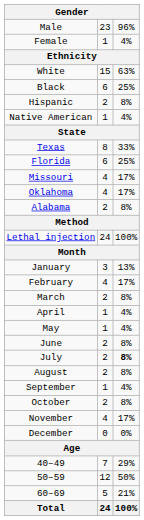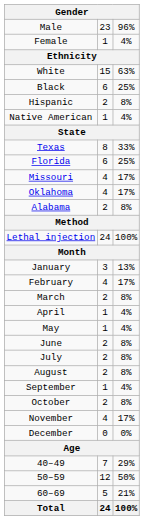 <table class="wikitable" style="text-align:center;">
 <tr>
 <th colspan="3">Gender</th>
 </tr>
 <tr>
 <td>Male</td>
 <td>23</td>
 <td>96%</td>
 </tr>
 <tr>
 <td>Female</td>
 <td>1</td>
 <td>4%</td>
 </tr>
 <tr>
 <th colspan="5">Ethnicity</th>
 </tr>
 <tr>
 <td>White</td>
 <td>15</td>
 <td>63%</td>
 </tr>
 <tr>
 <td>Black</td>
 <td>6</td>
 <td>25%</td>
 </tr>
 <tr>
 <td>Hispanic</td>
 <td>2</td>
 <td>8%</td>
 </tr>
 <tr>
 <td>Native American</td>
 <td>1</td>
 <td>4%</td>
 </tr>
 <tr>
 <th colspan="5">State</th>
 </tr>
 <tr>
 <td><a href='#'>Texas</a></td>
 <td>8</td>
 <td>33%</td>
 </tr>
 <tr>
 <td><a href='#'>Florida</a></td>
 <td>6</td>
 <td>25%</td>
 </tr>
 <tr>
 <td><a href='#'>Missouri</a></td>
 <td>4</td>
 <td>17%</td>
 </tr>
 <tr>
 <td><a href='#'>Oklahoma</a></td>
 <td>4</td>
 <td>17%</td>
 </tr>
 <tr>
 <td><a href='#'>Alabama</a></td>
 <td>2</td>
 <td>8%</td>
 </tr>
 <tr>
 <th colspan="5">Method</th>
 </tr>
 <tr>
 <td><a href='#'>Lethal injection</a></td>
 <td>24</td>
 <td>100%</td>
 </tr>
 <tr>
 <th colspan="3">Month</th>
 </tr>
 <tr>
 <td>January</td>
 <td>3</td>
 <td>13%</td>
 </tr>
 <tr>
 <td>February</td>
 <td>4</td>
 <td>17%</td>
 </tr>
 <tr>
 <td>March</td>
 <td>2</td>
 <td>8%</td>
 </tr>
 <tr>
 <td>April</td>
 <td>1</td>
 <td>4%</td>
 </tr>
 <tr>
 <td>May</td>
 <td>1</td>
 <td>4%</td>
 </tr>
 <tr>
 <td>June</td>
 <td>2</td>
 <td>8%</td>
 </tr>
 <tr>
 <td>July</td>
 <td>2</td>
-<td><strong>8%</strong></td>
+<td>8%</td>
 </tr>
 <tr>
 <td>August</td>
 <td>2</td>
 <td>8%</td>
 </tr>
 <tr>
 <td>September</td>
 <td>1</td>
 <td>4%</td>
 </tr>
 <tr>
 <td>October</td>
 <td>2</td>
 <td>8%</td>
 </tr>
 <tr>
 <td>November</td>
 <td>4</td>
 <td>17%</td>
 </tr>
 <tr>
 <td>December</td>
 <td>0</td>
 <td>0%</td>
 </tr>
 <tr>
 <th colspan="3">Age</th>
 </tr>
 <tr>
 <td>40–49</td>
 <td>7</td>
 <td>29%</td>
 </tr>
 <tr>
 <td>50–59</td>
 <td>12</td>
 <td>50%</td>
 </tr>
 <tr>
 <td>60–69</td>
 <td>5</td>
 <td>21%</td>
 </tr>
 <tr>
 <th>Total</th>
 <th>24</th>
 <th>100%</th>
 </tr>
 </table>
